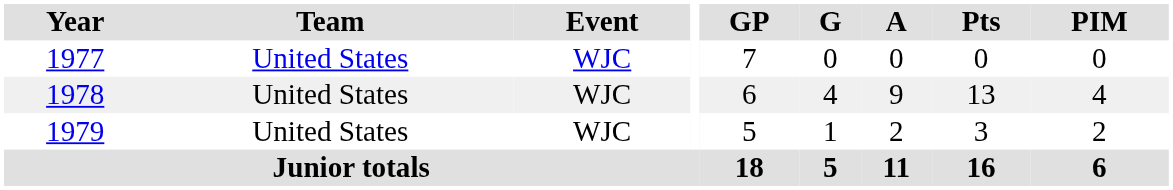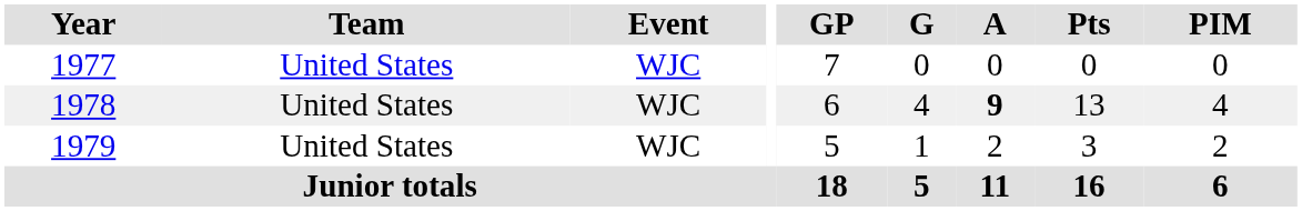 <table border="0" cellpadding="1" cellspacing="0" ID="Table3" style="text-align:center; width:40em">
 <tr bgcolor="#e0e0e0">
 <th>Year</th>
 <th>Team</th>
 <th>Event</th>
 <th rowspan="102" bgcolor="#ffffff"></th>
 <th>GP</th>
 <th>G</th>
 <th>A</th>
 <th>Pts</th>
 <th>PIM</th>
 </tr>
 <tr>
 <td><a href='#'>1977</a></td>
 <td><a href='#'>United States</a></td>
 <td><a href='#'>WJC</a></td>
 <td>7</td>
 <td>0</td>
 <td>0</td>
 <td>0</td>
 <td>0</td>
 </tr>
 <tr bgcolor="#f0f0f0">
 <td><a href='#'>1978</a></td>
 <td>United States</td>
 <td>WJC</td>
 <td>6</td>
 <td>4</td>
-<td>9</td>
+<td><strong>9</strong></td>
 <td>13</td>
 <td>4</td>
 </tr>
 <tr>
 <td><a href='#'>1979</a></td>
 <td>United States</td>
 <td>WJC</td>
 <td>5</td>
 <td>1</td>
 <td>2</td>
 <td>3</td>
 <td>2</td>
 </tr>
 <tr bgcolor="#e0e0e0">
 <th colspan="4">Junior totals</th>
 <th>18</th>
 <th>5</th>
 <th>11</th>
 <th>16</th>
 <th>6</th>
 </tr>
 </table>
